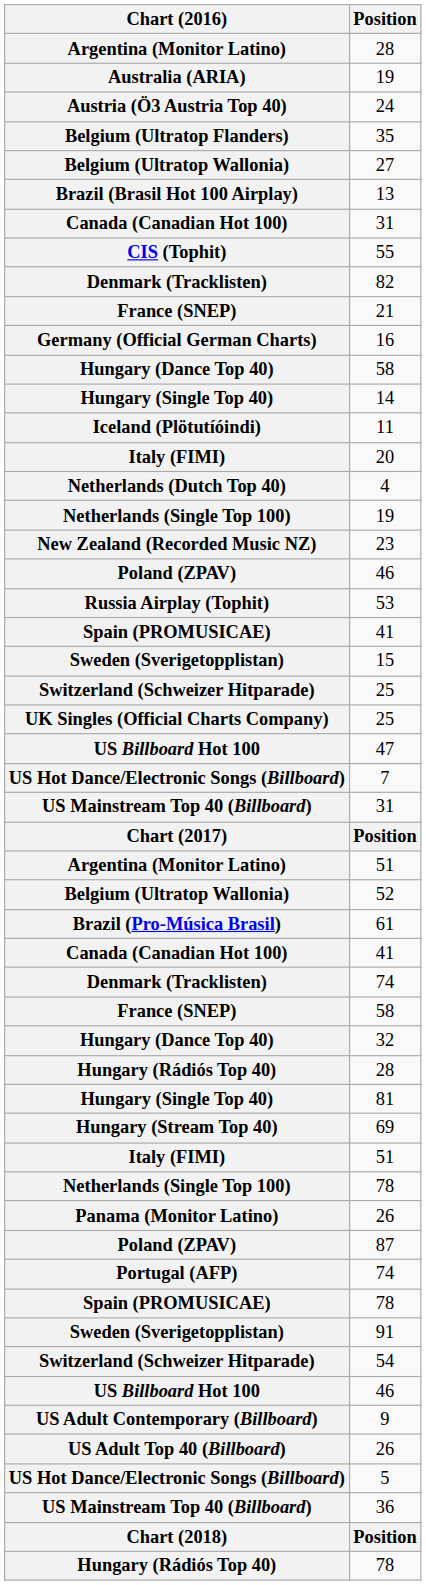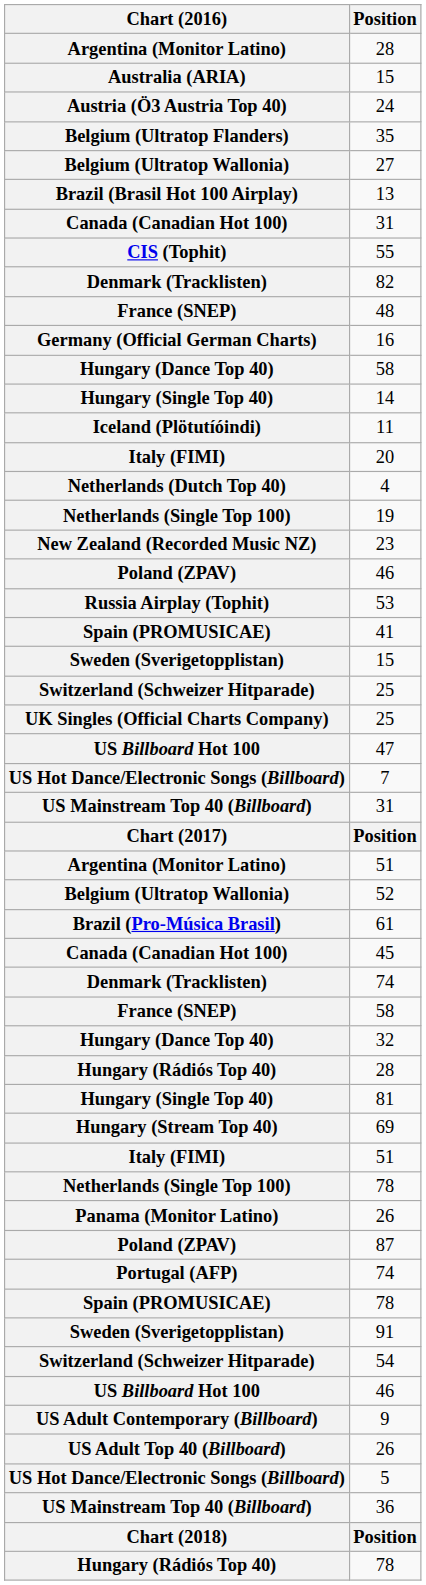 <table class="wikitable plainrowheaders sortable" style="text-align:center">
 <tr>
 <th>Chart (2016)</th>
 <th>Position</th>
 </tr>
 <tr>
 <th scope="row">Argentina (Monitor Latino)</th>
 <td>28</td>
 </tr>
 <tr>
 <th scope="row">Australia (ARIA)</th>
-<td>19</td>
+<td>15</td>
 </tr>
 <tr>
 <th scope="row">Austria (Ö3 Austria Top 40)</th>
 <td>24</td>
 </tr>
 <tr>
 <th scope="row">Belgium (Ultratop Flanders)</th>
 <td>35</td>
 </tr>
 <tr>
 <th scope="row">Belgium (Ultratop Wallonia)</th>
 <td>27</td>
 </tr>
 <tr>
 <th scope="row">Brazil (Brasil Hot 100 Airplay)</th>
 <td>13</td>
 </tr>
 <tr>
 <th scope="row">Canada (Canadian Hot 100)</th>
 <td>31</td>
 </tr>
 <tr>
 <th scope="row"><a href='#'>CIS</a> (Tophit)</th>
 <td style="text-align:center;">55</td>
 </tr>
 <tr>
 <th scope="row">Denmark (Tracklisten)</th>
 <td>82</td>
 </tr>
 <tr>
 <th scope="row">France (SNEP)</th>
-<td>21</td>
+<td>48</td>
 </tr>
 <tr>
 <th scope="row">Germany (Official German Charts)</th>
 <td>16</td>
 </tr>
 <tr>
 <th scope="row">Hungary (Dance Top 40)</th>
 <td>58</td>
 </tr>
 <tr>
 <th scope="row">Hungary (Single Top 40)</th>
 <td>14</td>
 </tr>
 <tr>
 <th scope="row">Iceland (Plötutíóindi)</th>
 <td>11</td>
 </tr>
 <tr>
 <th scope="row">Italy (FIMI)</th>
 <td>20</td>
 </tr>
 <tr>
 <th scope="row">Netherlands (Dutch Top 40)</th>
 <td>4</td>
 </tr>
 <tr>
 <th scope="row">Netherlands (Single Top 100)</th>
 <td>19</td>
 </tr>
 <tr>
 <th scope="row">New Zealand (Recorded Music NZ)</th>
 <td>23</td>
 </tr>
 <tr>
 <th scope="row">Poland (ZPAV)</th>
 <td>46</td>
 </tr>
 <tr>
 <th scope="row">Russia Airplay (Tophit)</th>
 <td style="text-align:center;">53</td>
 </tr>
 <tr>
 <th scope="row">Spain (PROMUSICAE)</th>
 <td>41</td>
 </tr>
 <tr>
 <th scope="row">Sweden (Sverigetopplistan)</th>
 <td>15</td>
 </tr>
 <tr>
 <th scope="row">Switzerland (Schweizer Hitparade)</th>
 <td>25</td>
 </tr>
 <tr>
 <th scope="row">UK Singles (Official Charts Company)</th>
 <td>25</td>
 </tr>
 <tr>
 <th scope="row">US <em>Billboard</em> Hot 100</th>
 <td>47</td>
 </tr>
 <tr>
 <th scope="row">US Hot Dance/Electronic Songs (<em>Billboard</em>)</th>
 <td>7</td>
 </tr>
 <tr>
 <th scope="row">US Mainstream Top 40 (<em>Billboard</em>)</th>
 <td>31</td>
 </tr>
 <tr>
 <th>Chart (2017)</th>
 <th>Position</th>
 </tr>
 <tr>
 <th scope="row">Argentina (Monitor Latino)</th>
 <td>51</td>
 </tr>
 <tr>
 <th scope="row">Belgium (Ultratop Wallonia)</th>
 <td>52</td>
 </tr>
 <tr>
 <th scope="row">Brazil (<a href='#'>Pro-Música Brasil</a>)</th>
 <td>61</td>
 </tr>
 <tr>
 <th scope="row">Canada (Canadian Hot 100)</th>
-<td>41</td>
+<td>45</td>
 </tr>
 <tr>
 <th scope="row">Denmark (Tracklisten)</th>
 <td>74</td>
 </tr>
 <tr>
 <th scope="row">France (SNEP)</th>
 <td>58</td>
 </tr>
 <tr>
 <th scope="row">Hungary (Dance Top 40)</th>
 <td>32</td>
 </tr>
 <tr>
 <th scope="row">Hungary (Rádiós Top 40)</th>
 <td>28</td>
 </tr>
 <tr>
 <th scope="row">Hungary (Single Top 40)</th>
 <td>81</td>
 </tr>
 <tr>
 <th scope="row">Hungary (Stream Top 40)</th>
 <td>69</td>
 </tr>
 <tr>
 <th scope="row">Italy (FIMI)</th>
 <td>51</td>
 </tr>
 <tr>
 <th scope="row">Netherlands (Single Top 100)</th>
 <td>78</td>
 </tr>
 <tr>
 <th scope="row">Panama (Monitor Latino)</th>
 <td>26</td>
 </tr>
 <tr>
 <th scope="row">Poland (ZPAV)</th>
 <td>87</td>
 </tr>
 <tr>
 <th scope="row">Portugal (AFP)</th>
 <td>74</td>
 </tr>
 <tr>
 <th scope="row">Spain (PROMUSICAE)</th>
 <td>78</td>
 </tr>
 <tr>
 <th scope="row">Sweden (Sverigetopplistan)</th>
 <td>91</td>
 </tr>
 <tr>
 <th scope="row">Switzerland (Schweizer Hitparade)</th>
 <td>54</td>
 </tr>
 <tr>
 <th scope="row">US <em>Billboard</em> Hot 100</th>
 <td>46</td>
 </tr>
 <tr>
 <th scope="row">US Adult Contemporary (<em>Billboard</em>)</th>
 <td>9</td>
 </tr>
 <tr>
 <th scope="row">US Adult Top 40 (<em>Billboard</em>)</th>
 <td>26</td>
 </tr>
 <tr>
 <th scope="row">US Hot Dance/Electronic Songs (<em>Billboard</em>)</th>
 <td>5</td>
 </tr>
 <tr>
 <th scope="row">US Mainstream Top 40 (<em>Billboard</em>)</th>
 <td>36</td>
 </tr>
 <tr>
 <th>Chart (2018)</th>
 <th>Position</th>
 </tr>
 <tr>
 <th scope="row">Hungary (Rádiós Top 40)</th>
 <td>78</td>
 </tr>
 </table>
